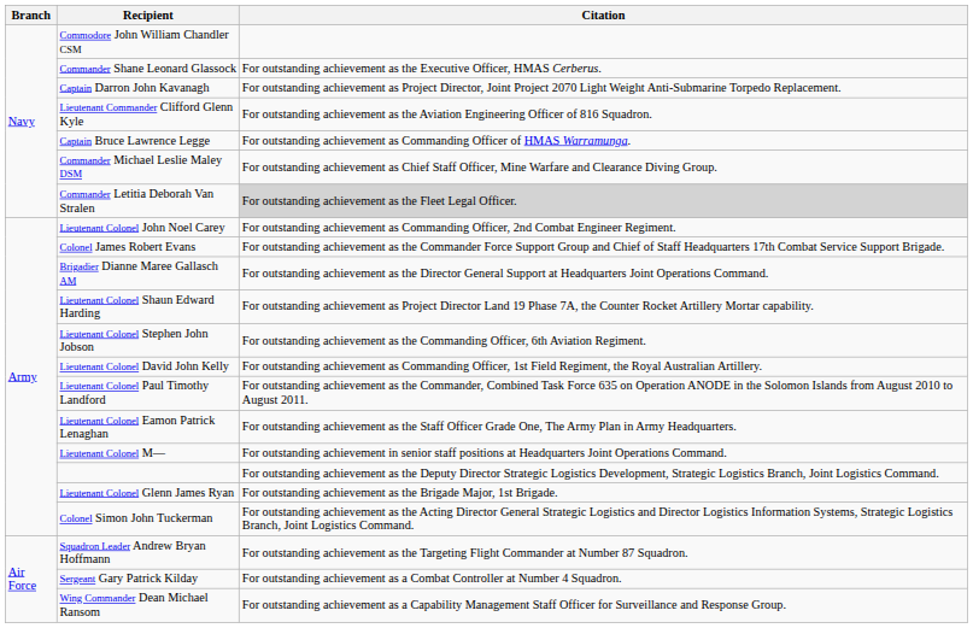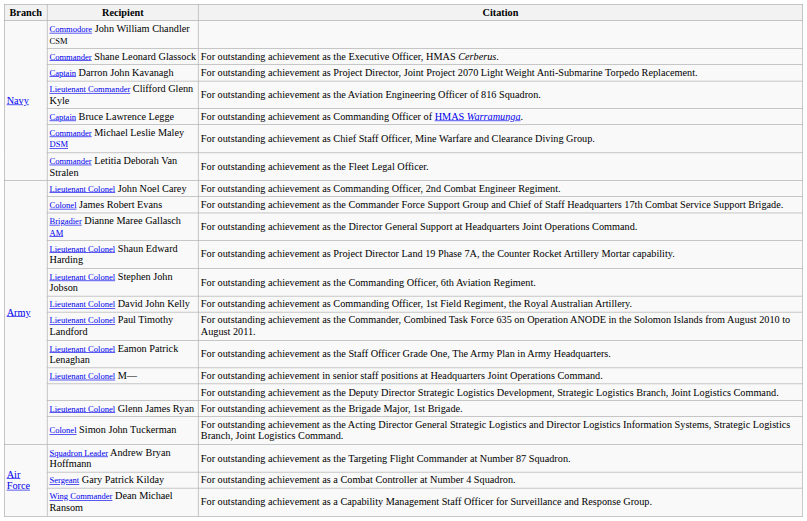 <table class=wikitable>
 <tr>
 <th>Branch</th>
 <th>Recipient</th>
 <th>Citation</th>
 </tr>
 <tr>
 <td rowspan="7"><a href='#'>Navy</a></td>
 <td><small><a href='#'>Commodore</a></small> John William Chandler <small>CSM</small></td>
 <td></td>
 </tr>
 <tr>
 <td><small><a href='#'>Commander</a></small> Shane Leonard Glassock</td>
 <td>For outstanding achievement as the Executive Officer, HMAS <em>Cerberus</em>.</td>
 </tr>
 <tr>
 <td><small><a href='#'>Captain</a></small> Darron John Kavanagh</td>
 <td>For outstanding achievement as Project Director, Joint Project 2070 Light Weight Anti-Submarine Torpedo Replacement.</td>
 </tr>
 <tr>
 <td><small><a href='#'>Lieutenant Commander</a></small> Clifford Glenn Kyle</td>
 <td>For outstanding achievement as the Aviation Engineering Officer of 816 Squadron.</td>
 </tr>
 <tr>
 <td><small><a href='#'>Captain</a></small> Bruce Lawrence Legge</td>
 <td>For outstanding achievement as Commanding Officer of <a href='#'>HMAS <em>Warramunga</em></a>.</td>
 </tr>
 <tr>
 <td><small><a href='#'>Commander</a></small> Michael Leslie Maley <small><a href='#'>DSM</a></small></td>
 <td>For outstanding achievement as Chief Staff Officer, Mine Warfare and Clearance Diving Group.</td>
 </tr>
 <tr>
 <td><small><a href='#'>Commander</a></small> Letitia Deborah Van Stralen</td>
-<td style="background: lightgrey;">For outstanding achievement as the Fleet Legal Officer.</td>
+<td>For outstanding achievement as the Fleet Legal Officer.</td>
 </tr>
 <tr>
 <td rowspan="12"><a href='#'>Army</a></td>
 <td><small><a href='#'>Lieutenant Colonel</a></small> John Noel Carey</td>
 <td>For outstanding achievement as Commanding Officer, 2nd Combat Engineer Regiment.</td>
 </tr>
 <tr>
 <td><small><a href='#'>Colonel</a></small> James Robert Evans</td>
 <td>For outstanding achievement as the Commander Force Support Group and Chief of Staff Headquarters 17th Combat Service Support Brigade.</td>
 </tr>
 <tr>
 <td><small><a href='#'>Brigadier</a></small> Dianne Maree Gallasch <small><a href='#'>AM</a></small></td>
 <td>For outstanding achievement as the Director General Support at Headquarters Joint Operations Command.</td>
 </tr>
 <tr>
 <td><small><a href='#'>Lieutenant Colonel</a></small> Shaun Edward Harding</td>
 <td>For outstanding achievement as Project Director Land 19 Phase 7A, the Counter Rocket Artillery Mortar capability.</td>
 </tr>
 <tr>
 <td><small><a href='#'>Lieutenant Colonel</a></small> Stephen John Jobson</td>
 <td>For outstanding achievement as the Commanding Officer, 6th Aviation Regiment.</td>
 </tr>
 <tr>
 <td><small><a href='#'>Lieutenant Colonel</a></small> David John Kelly</td>
 <td>For outstanding achievement as Commanding Officer, 1st Field Regiment, the Royal Australian Artillery.</td>
 </tr>
 <tr>
 <td><small><a href='#'>Lieutenant Colonel</a></small> Paul Timothy Landford</td>
 <td>For outstanding achievement as the Commander, Combined Task Force 635 on Operation ANODE in the Solomon Islands from August 2010 to August 2011.</td>
 </tr>
 <tr>
 <td><small><a href='#'>Lieutenant Colonel</a></small> Eamon Patrick Lenaghan</td>
 <td>For outstanding achievement as the Staff Officer Grade One, The Army Plan in Army Headquarters.</td>
 </tr>
 <tr>
 <td><small><a href='#'>Lieutenant Colonel</a></small> M—</td>
 <td>For outstanding achievement in senior staff positions at Headquarters Joint Operations Command.</td>
 </tr>
 <tr>
 <td></td>
 <td>For outstanding achievement as the Deputy Director Strategic Logistics Development, Strategic Logistics Branch, Joint Logistics Command.</td>
 </tr>
 <tr>
 <td><small><a href='#'>Lieutenant Colonel</a></small> Glenn James Ryan</td>
 <td>For outstanding achievement as the Brigade Major, 1st Brigade.</td>
 </tr>
 <tr>
 <td><small><a href='#'>Colonel</a></small> Simon John Tuckerman</td>
 <td>For outstanding achievement as the Acting Director General Strategic Logistics and Director Logistics Information Systems, Strategic Logistics Branch, Joint Logistics Command.</td>
 </tr>
 <tr>
 <td rowspan="3"><a href='#'>Air Force</a></td>
 <td><small><a href='#'>Squadron Leader</a></small> Andrew Bryan Hoffmann</td>
 <td>For outstanding achievement as the Targeting Flight Commander at Number 87 Squadron.</td>
 </tr>
 <tr>
 <td><small><a href='#'>Sergeant</a></small> Gary Patrick Kilday</td>
 <td>For outstanding achievement as a Combat Controller at Number 4 Squadron.</td>
 </tr>
 <tr>
 <td><small><a href='#'>Wing Commander</a></small> Dean Michael Ransom</td>
 <td>For outstanding achievement as a Capability Management Staff Officer for Surveillance and Response Group.</td>
 </tr>
 </table>
